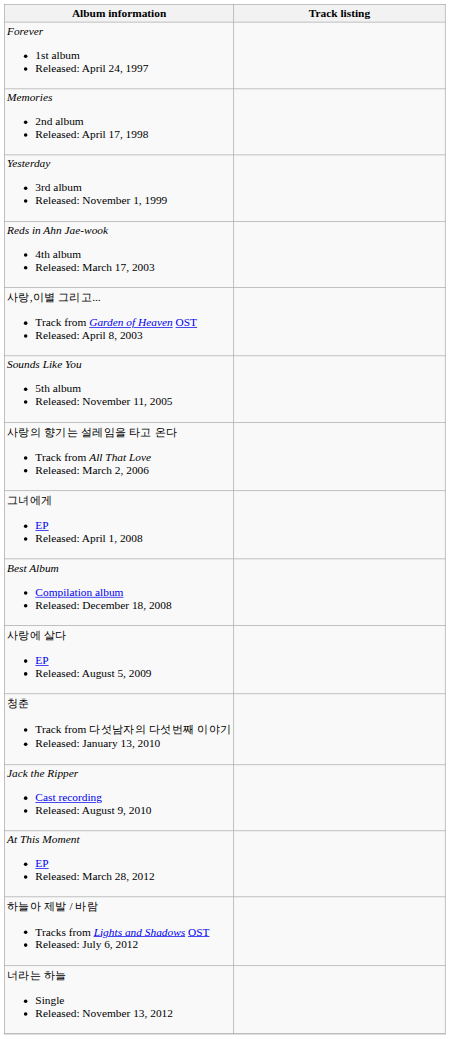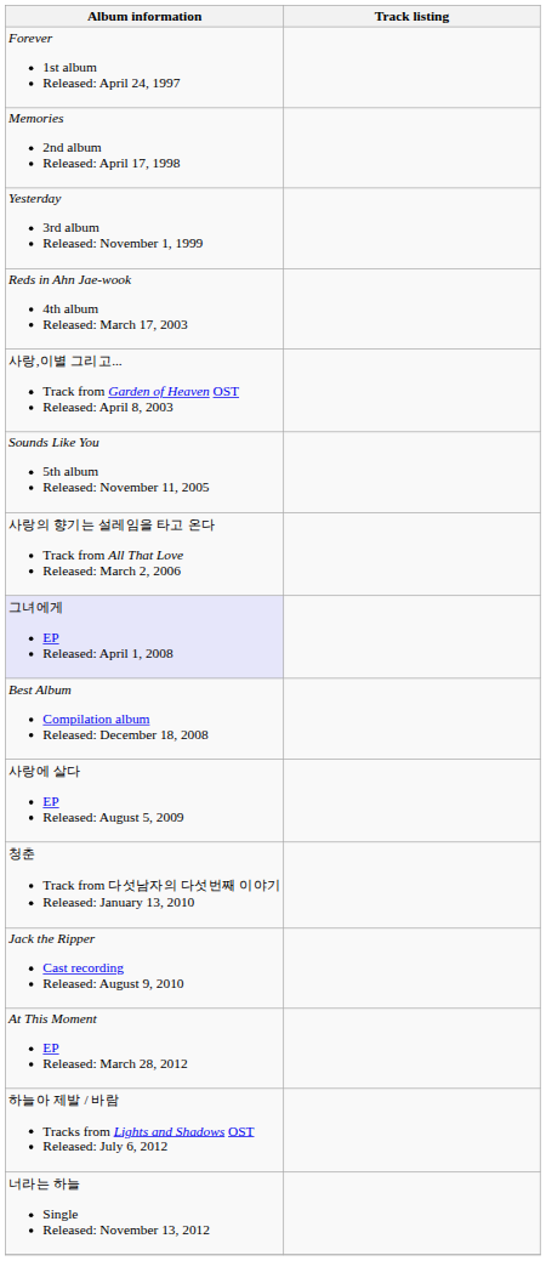 <table class="wikitable">
 <tr>
 <th>Album information</th>
 <th align="center" width="290px">Track listing</th>
 </tr>
 <tr>
 <td><em>Forever</em><br><ul><li>1st album</li><li>Released: April 24, 1997</li></ul></td>
 <td style="font-size: 85%;"></td>
 </tr>
 <tr>
 <td><em>Memories</em><br><ul><li>2nd album</li><li>Released: April 17, 1998</li></ul></td>
 <td style="font-size: 85%;"></td>
 </tr>
 <tr>
 <td><em>Yesterday</em><br><ul><li>3rd album</li><li>Released: November 1, 1999</li></ul></td>
 <td style="font-size: 85%;"></td>
 </tr>
 <tr>
 <td><em>Reds in Ahn Jae-wook</em><br><ul><li>4th album</li><li>Released: March 17, 2003</li></ul></td>
 <td style="font-size: 85%;"></td>
 </tr>
 <tr>
 <td>사랑,이별 그리고...<br><ul><li>Track from <em><a href='#'>Garden of Heaven</a></em> <a href='#'>OST</a></li><li>Released: April 8, 2003</li></ul></td>
 <td style="font-size: 85%;"></td>
 </tr>
 <tr>
 <td><em>Sounds Like You</em><br><ul><li>5th album</li><li>Released: November 11, 2005</li></ul></td>
 <td style="font-size: 85%;"></td>
 </tr>
 <tr>
 <td>사랑의 향기는 설레임을 타고 온다<br><ul><li>Track from <em>All That Love</em></li><li>Released: March 2, 2006</li></ul></td>
 <td style="font-size: 85%;"></td>
 </tr>
 <tr>
-<td>그녀에게<br><ul><li><a href='#'>EP</a></li><li>Released: April 1, 2008</li></ul></td>
+<td style="background: lavender;">그녀에게<br><ul><li><a href='#'>EP</a></li><li>Released: April 1, 2008</li></ul></td>
 <td style="font-size: 85%;"></td>
 </tr>
 <tr>
 <td><em>Best Album</em><br><ul><li><a href='#'>Compilation album</a></li><li>Released: December 18, 2008</li></ul></td>
 <td style="font-size: 85%;"></td>
 </tr>
 <tr>
 <td>사랑에 살다<br><ul><li><a href='#'>EP</a></li><li>Released: August 5, 2009</li></ul></td>
 <td style="font-size: 85%;"></td>
 </tr>
 <tr>
 <td>청춘<br><ul><li>Track from 다섯남자의 다섯번째 이야기</li><li>Released: January 13, 2010</li></ul></td>
 <td style="font-size: 85%;"></td>
 </tr>
 <tr>
 <td><em>Jack the Ripper</em><br><ul><li><a href='#'>Cast recording</a></li><li>Released: August 9, 2010</li></ul></td>
 <td style="font-size: 85%;"></td>
 </tr>
 <tr>
 <td><em>At This Moment</em><br><ul><li><a href='#'>EP</a></li><li>Released: March 28, 2012</li></ul></td>
 <td style="font-size: 85%;"></td>
 </tr>
 <tr>
 <td>하늘아 제발 / 바람<br><ul><li>Tracks from <em><a href='#'>Lights and Shadows</a></em> <a href='#'>OST</a></li><li>Released: July 6, 2012</li></ul></td>
 <td style="font-size: 85%;"></td>
 </tr>
 <tr>
 <td>너라는 하늘<br><ul><li>Single</li><li>Released: November 13, 2012</li></ul></td>
 <td style="font-size: 85%;"></td>
 </tr>
 <tr>
 </tr>
 </table>
